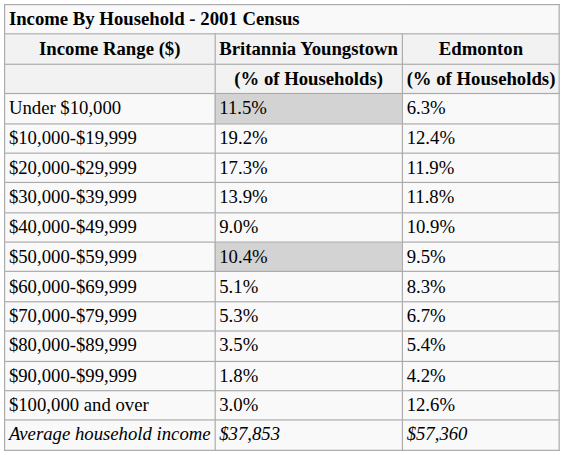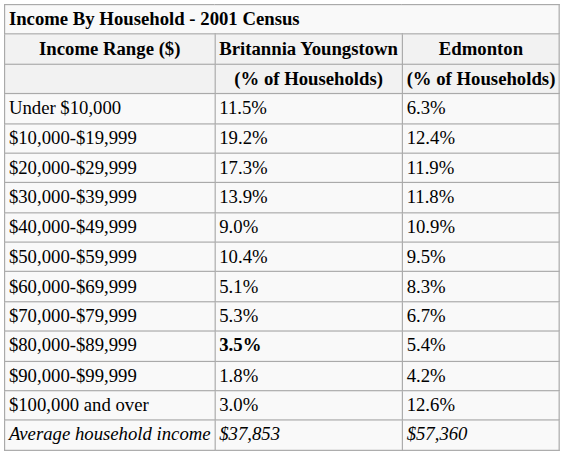 <table class="wikitable">
 <tr>
 <td colspan=3><strong>Income By Household - 2001 Census</strong></td>
 </tr>
 <tr>
 <th>Income Range ($)</th>
 <th>Britannia Youngstown</th>
 <th>Edmonton</th>
 </tr>
 <tr>
 <th></th>
 <th>(% of Households)</th>
 <th>(% of Households)</th>
 </tr>
 <tr>
 <td>Under $10,000</td>
-<td style="background: lightgrey;">11.5%</td>
+<td>11.5%</td>
 <td>6.3%</td>
 </tr>
 <tr>
 <td>$10,000-$19,999</td>
 <td>19.2%</td>
 <td>12.4%</td>
 </tr>
 <tr>
 <td>$20,000-$29,999</td>
 <td>17.3%</td>
 <td>11.9%</td>
 </tr>
 <tr>
 <td>$30,000-$39,999</td>
 <td>13.9%</td>
 <td>11.8%</td>
 </tr>
 <tr>
 <td>$40,000-$49,999</td>
 <td>9.0%</td>
 <td>10.9%</td>
 </tr>
 <tr>
 <td>$50,000-$59,999</td>
-<td style="background: lightgrey;">10.4%</td>
+<td>10.4%</td>
 <td>9.5%</td>
 </tr>
 <tr>
 <td>$60,000-$69,999</td>
 <td>5.1%</td>
 <td>8.3%</td>
 </tr>
 <tr>
 <td>$70,000-$79,999</td>
 <td>5.3%</td>
 <td>6.7%</td>
 </tr>
 <tr>
 <td>$80,000-$89,999</td>
-<td>3.5%</td>
+<td><strong>3.5%</strong></td>
 <td>5.4%</td>
 </tr>
 <tr>
 <td>$90,000-$99,999</td>
 <td>1.8%</td>
 <td>4.2%</td>
 </tr>
 <tr>
 <td>$100,000 and over</td>
 <td>3.0%</td>
 <td>12.6%</td>
 </tr>
 <tr>
 <td><em>Average household income</em></td>
 <td><em>$37,853</em></td>
 <td><em>$57,360</em></td>
 </tr>
 </table>
